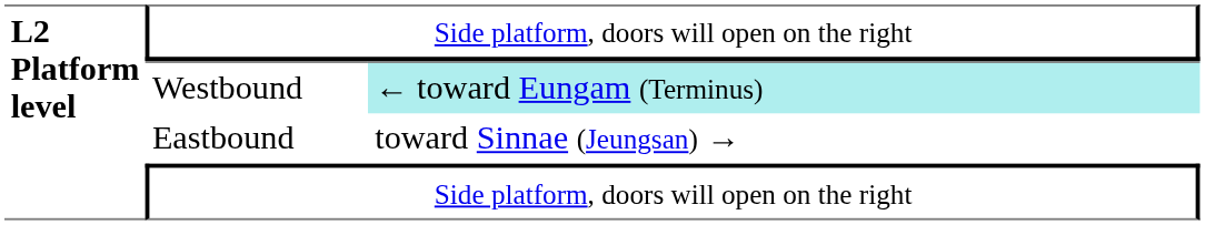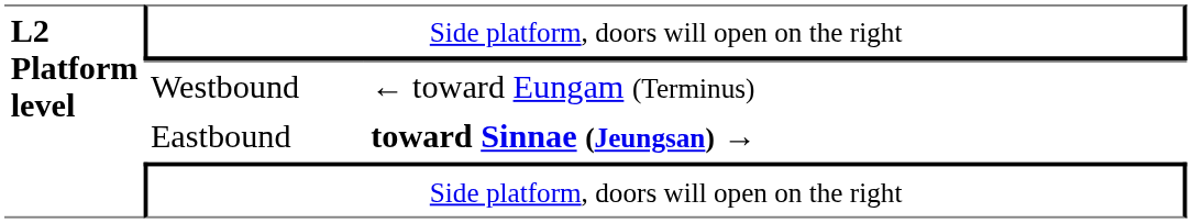 <table table border=0 cellspacing=0 cellpadding=3>
 <tr>
 <td style="border-top:solid 1px gray;border-bottom:solid 1px gray;" width=50 rowspan=10 valign=top><strong>L2<br>Platform level</strong></td>
 <td style="border-top:solid 1px gray;border-right:solid 2px black;border-left:solid 2px black;border-bottom:solid 2px black;text-align:center;" colspan=2><small><a href='#'>Side platform</a>, doors will open on the right</small></td>
 </tr>
 <tr>
 <td style="border-bottom:solid 0px gray;border-top:solid 1px gray;" width=100>Westbound</td>
-<td style="background: paleturquoise; border-bottom:solid 0px gray;border-top:solid 1px gray;" width=390>←  toward <a href='#'>Eungam</a> <small>(Terminus)</small></td>
+<td style="border-bottom:solid 0px gray;border-top:solid 1px gray;" width=390>←  toward <a href='#'>Eungam</a> <small>(Terminus)</small></td>
 </tr>
 <tr>
 <td>Eastbound</td>
-<td>  toward <a href='#'>Sinnae</a> <small>(<a href='#'>Jeungsan</a>)</small> →</td>
+<td><strong>  toward <a href='#'>Sinnae</a> <small>(<a href='#'>Jeungsan</a>)</small> →</strong></td>
 </tr>
 <tr>
 <td style="border-top:solid 2px black;border-right:solid 2px black;border-left:solid 2px black;border-bottom:solid 1px gray;text-align:center;" colspan=2><small><a href='#'>Side platform</a>, doors will open on the right </small></td>
 </tr>
 </table>
